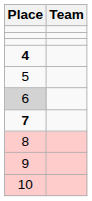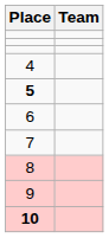 <table class="wikitable">
 <tr>
 <th>Place</th>
 <th>Team</th>
 </tr>
 <tr>
 <td align=center></td>
 <td></td>
 </tr>
 <tr>
 <td align=center></td>
 <td></td>
 </tr>
 <tr>
 <td align=center></td>
 <td></td>
 </tr>
 <tr>
-<td align=center><strong>4</strong></td>
+<td align=center>4</td>
 <td></td>
 </tr>
 <tr>
-<td align=center>5</td>
+<td align=center><strong>5</strong></td>
 <td></td>
 </tr>
 <tr>
-<td align=center style="background: lightgrey;">6</td>
+<td align=center>6</td>
 <td></td>
 </tr>
 <tr>
-<td align=center><strong>7</strong></td>
+<td align=center>7</td>
 <td></td>
 </tr>
 <tr bgcolor=#ffcccc>
 <td align=center>8</td>
 <td></td>
 </tr>
 <tr bgcolor=#ffcccc>
 <td align=center>9</td>
 <td></td>
 </tr>
 <tr bgcolor=#ffcccc>
-<td align=center>10</td>
+<td align=center><strong>10</strong></td>
 <td></td>
 </tr>
 </table>
